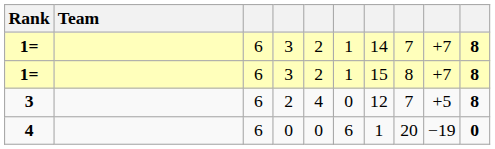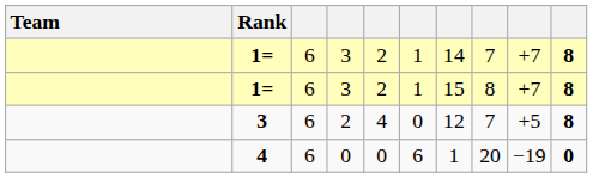 <table class="wikitable" style="text-align: center;">
 <tr>
+<th width=165 style="text-align:left;">Team</th>
 <th width=30>Rank</th>
-<th width=165 style="text-align:left;">Team</th>
 <th width=20></th>
 <th width=20></th>
 <th width=20></th>
 <th width=20></th>
 <th width=20></th>
 <th width=20></th>
 <th width=20></th>
 <th width=20></th>
 </tr>
 <tr style="background:#FFFFBB;">
+<td style="text-align:left;"></td>
 <td><strong>1=</strong></td>
-<td style="text-align:left;"></td>
 <td>6</td>
 <td>3</td>
 <td>2</td>
 <td>1</td>
 <td>14</td>
 <td>7</td>
 <td>+7</td>
 <td><strong>8</strong></td>
 </tr>
 <tr style="background:#FFFFBB;">
+<td style="text-align:left;"></td>
 <td><strong>1=</strong></td>
-<td style="text-align:left;"></td>
 <td>6</td>
 <td>3</td>
 <td>2</td>
 <td>1</td>
 <td>15</td>
 <td>8</td>
 <td>+7</td>
 <td><strong>8</strong></td>
 </tr>
 <tr>
+<td style="text-align:left;"></td>
 <td><strong>3</strong></td>
-<td style="text-align:left;"></td>
 <td>6</td>
 <td>2</td>
 <td>4</td>
 <td>0</td>
 <td>12</td>
 <td>7</td>
 <td>+5</td>
 <td><strong>8</strong></td>
 </tr>
 <tr>
+<td style="text-align:left;"></td>
 <td><strong>4</strong></td>
-<td style="text-align:left;"></td>
 <td>6</td>
 <td>0</td>
 <td>0</td>
 <td>6</td>
 <td>1</td>
 <td>20</td>
 <td>−19</td>
 <td><strong>0</strong></td>
 </tr>
 </table>
